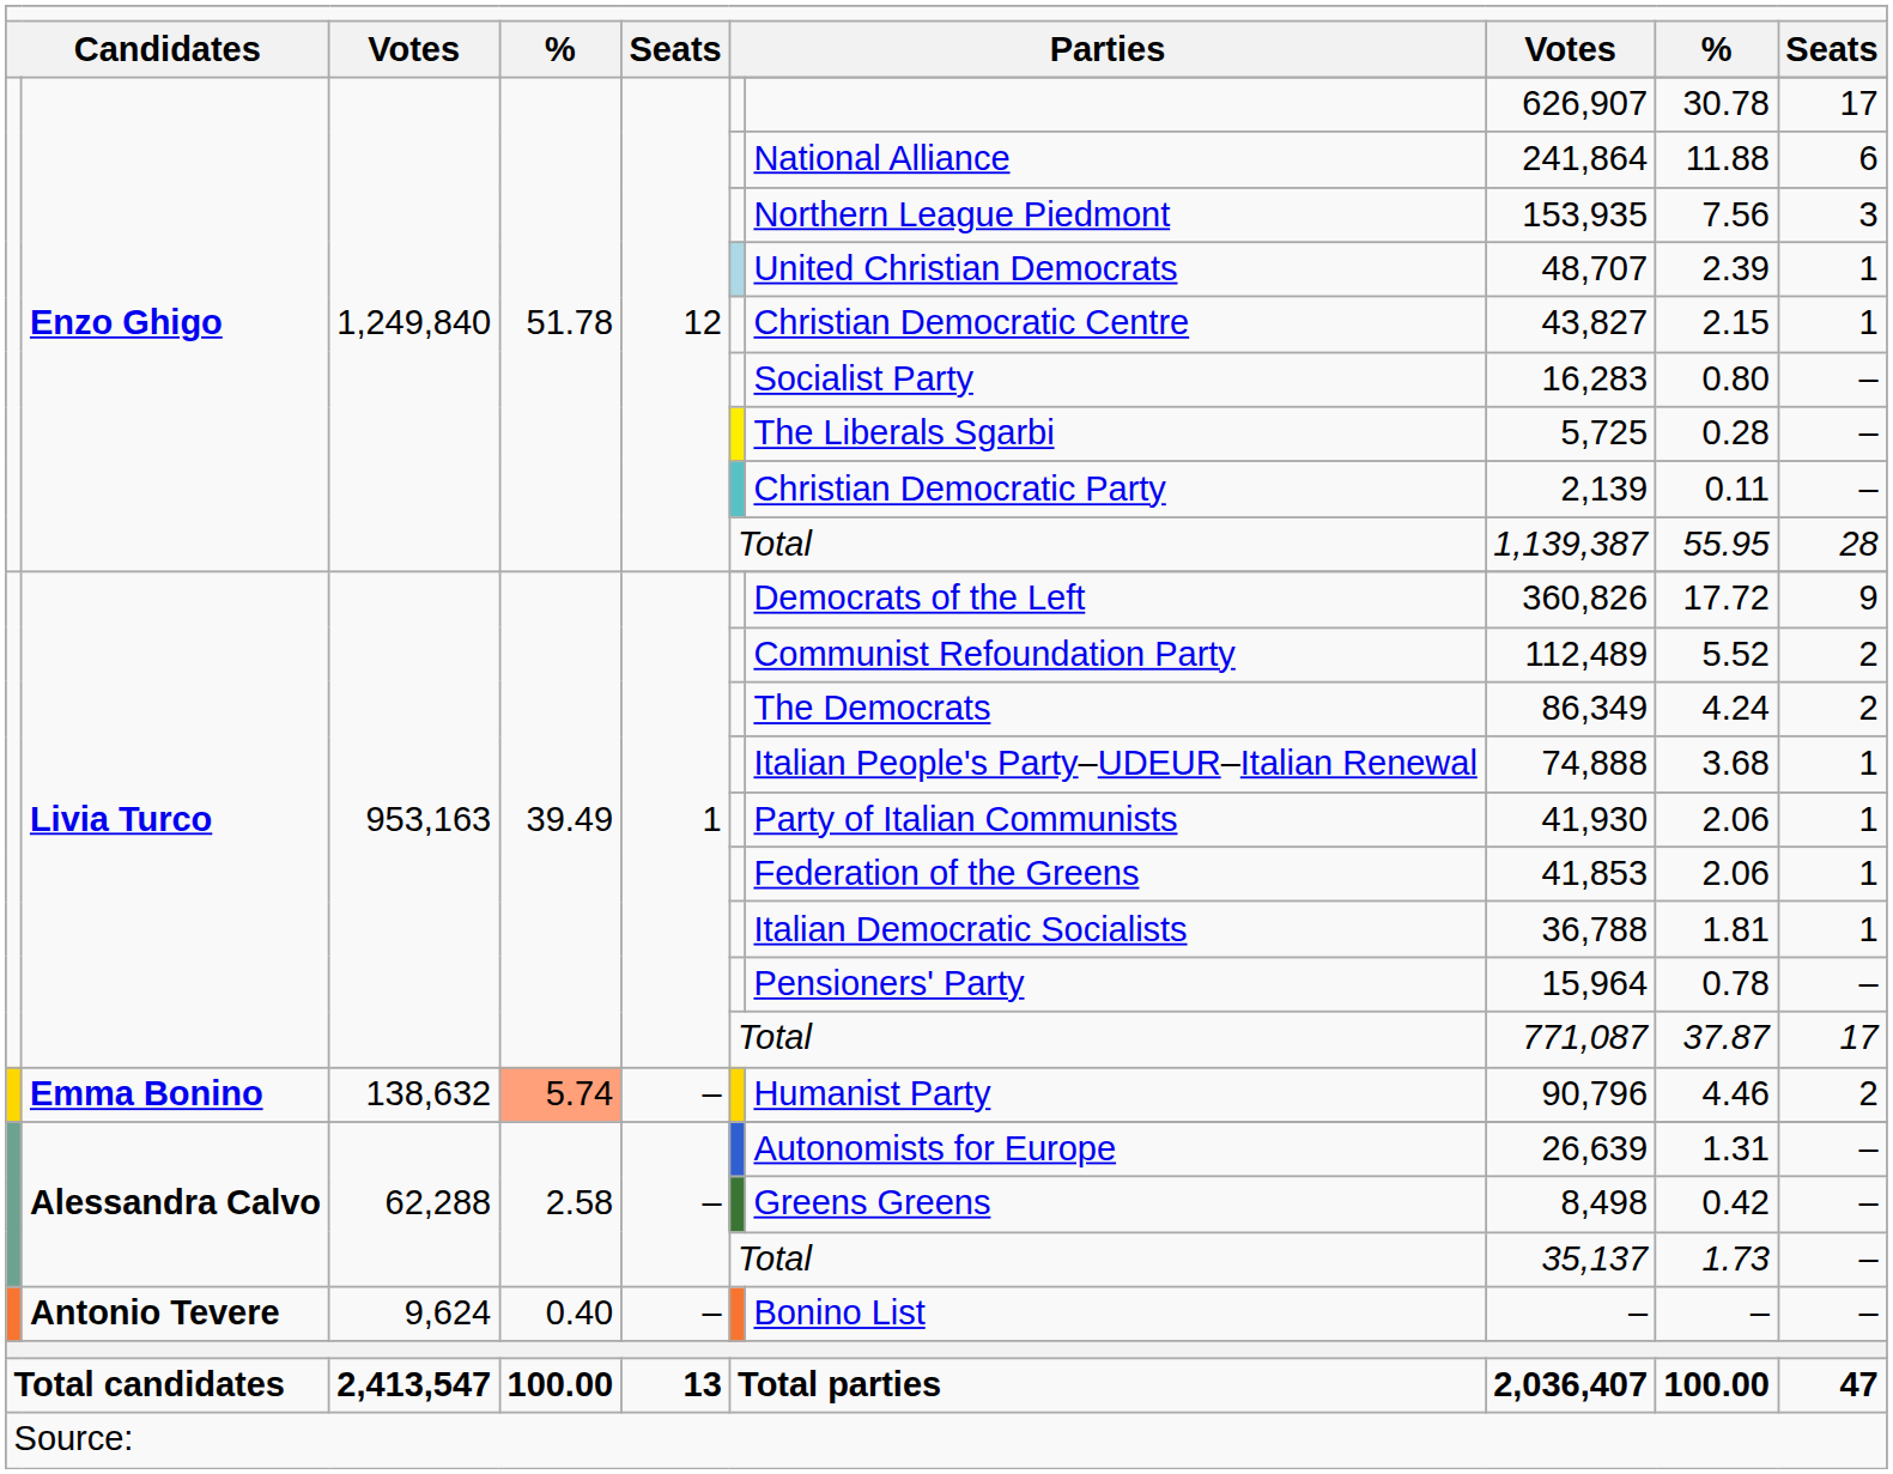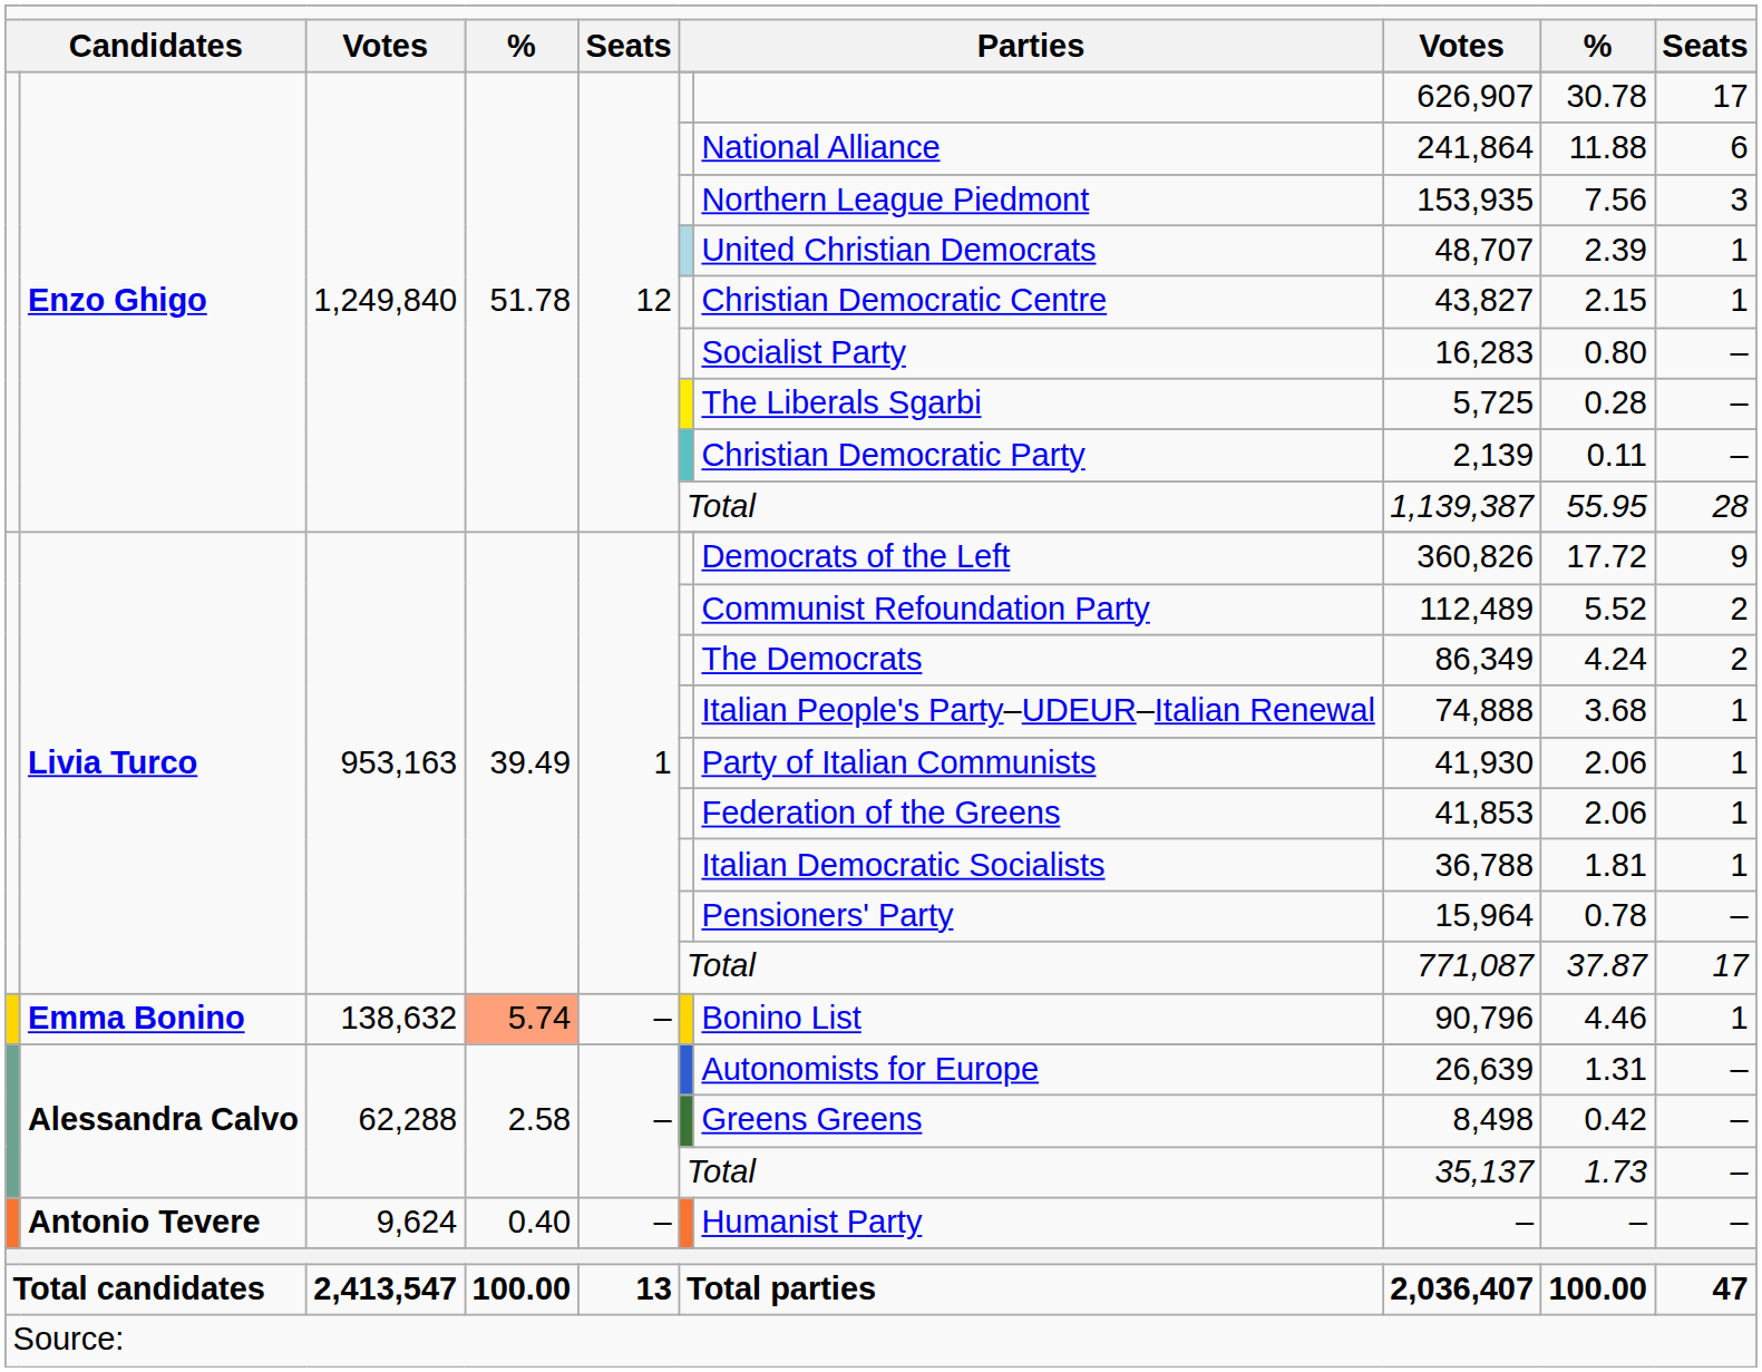 <table class="wikitable">
 <tr>
 <td colspan=10></td>
 </tr>
 <tr>
 <th colspan=2>Candidates</th>
 <th>Votes</th>
 <th>%</th>
 <th>Seats</th>
 <th colspan=2>Parties</th>
 <th>Votes</th>
 <th>%</th>
 <th>Seats</th>
 </tr>
 <tr>
 <td rowspan=10></td>
 <td rowspan=10><strong><a href='#'>Enzo Ghigo</a></strong></td>
 <td rowspan=10 align=right>1,249,840</td>
 <td rowspan=10 align=right>51.78</td>
 <td rowspan=10 align=right>12</td>
 </tr>
 <tr>
 <td></td>
 <td></td>
 <td align=right>626,907</td>
 <td align=right>30.78</td>
 <td align=right>17</td>
 </tr>
 <tr>
 <td></td>
 <td><a href='#'>National Alliance</a></td>
 <td align=right>241,864</td>
 <td align=right>11.88</td>
 <td align=right>6</td>
 </tr>
 <tr>
 <td></td>
 <td><a href='#'>Northern League Piedmont</a></td>
 <td align=right>153,935</td>
 <td align=right>7.56</td>
 <td align=right>3</td>
 </tr>
 <tr>
 <td bgcolor="lightblue"></td>
 <td><a href='#'>United Christian Democrats</a></td>
 <td align=right>48,707</td>
 <td align=right>2.39</td>
 <td align=right>1</td>
 </tr>
 <tr>
 <td></td>
 <td><a href='#'>Christian Democratic Centre</a></td>
 <td align=right>43,827</td>
 <td align=right>2.15</td>
 <td align=right>1</td>
 </tr>
 <tr>
 <td></td>
 <td><a href='#'>Socialist Party</a></td>
 <td align=right>16,283</td>
 <td align=right>0.80</td>
 <td align=right>–</td>
 </tr>
 <tr>
 <td bgcolor="#FDEE00"></td>
 <td><a href='#'>The Liberals Sgarbi</a></td>
 <td align=right>5,725</td>
 <td align=right>0.28</td>
 <td align=right>–</td>
 </tr>
 <tr>
 <td bgcolor="#58C1C4"></td>
 <td><a href='#'>Christian Democratic Party</a></td>
 <td align=right>2,139</td>
 <td align=right>0.11</td>
 <td align=right>–</td>
 </tr>
 <tr>
 <td colspan=2><em>Total</em></td>
 <td align=right><em>1,139,387</em></td>
 <td align=right><em>55.95</em></td>
 <td align=right><em>28</em></td>
 </tr>
 <tr>
 <td rowspan=10></td>
 <td rowspan=10><strong><a href='#'>Livia Turco</a></strong></td>
 <td rowspan=10 align=right>953,163</td>
 <td rowspan=10 align=right>39.49</td>
 <td rowspan=10 align=right>1</td>
 </tr>
 <tr>
 <td></td>
 <td><a href='#'>Democrats of the Left</a></td>
 <td align=right>360,826</td>
 <td align=right>17.72</td>
 <td align=right>9</td>
 </tr>
 <tr>
 <td></td>
 <td><a href='#'>Communist Refoundation Party</a></td>
 <td align=right>112,489</td>
 <td align=right>5.52</td>
 <td align=right>2</td>
 </tr>
 <tr>
 <td></td>
 <td><a href='#'>The Democrats</a></td>
 <td align=right>86,349</td>
 <td align=right>4.24</td>
 <td align=right>2</td>
 </tr>
 <tr>
 <td></td>
 <td><a href='#'>Italian People's Party</a>–<a href='#'>UDEUR</a>–<a href='#'>Italian Renewal</a></td>
 <td align=right>74,888</td>
 <td align=right>3.68</td>
 <td align=right>1</td>
 </tr>
 <tr>
 <td></td>
 <td><a href='#'>Party of Italian Communists</a></td>
 <td align=right>41,930</td>
 <td align=right>2.06</td>
 <td align=right>1</td>
 </tr>
 <tr>
 <td></td>
 <td><a href='#'>Federation of the Greens</a></td>
 <td align=right>41,853</td>
 <td align=right>2.06</td>
 <td align=right>1</td>
 </tr>
 <tr>
 <td></td>
 <td><a href='#'>Italian Democratic Socialists</a></td>
 <td align=right>36,788</td>
 <td align=right>1.81</td>
 <td align=right>1</td>
 </tr>
 <tr>
 <td></td>
 <td><a href='#'>Pensioners' Party</a></td>
 <td align=right>15,964</td>
 <td align=right>0.78</td>
 <td align=right>–</td>
 </tr>
 <tr>
 <td colspan=2><em>Total</em></td>
 <td align=right><em>771,087</em></td>
 <td align=right><em>37.87</em></td>
 <td align=right><em>17</em></td>
 </tr>
 <tr>
 <td bgcolor="gold"></td>
 <td><strong><a href='#'>Emma Bonino</a></strong></td>
 <td align=right>138,632</td>
 <td align=right style="background: lightsalmon;">5.74</td>
 <td align=right>–</td>
 <td bgcolor="gold"></td>
-<td><a href='#'>Humanist Party</a></td>
+<td><a href='#'>Bonino List</a></td>
 <td align=right>90,796</td>
 <td align=right>4.46</td>
-<td align=right>2</td>
+<td align=right>1</td>
 </tr>
 <tr>
 <td rowspan=4 bgcolor="#6CA390"></td>
 <td rowspan=4><strong>Alessandra Calvo</strong></td>
 <td rowspan=4 align=right>62,288</td>
 <td rowspan=4 align=right>2.58</td>
 <td rowspan=4 align=right>–</td>
 </tr>
 <tr>
 <td bgcolor="#2F5ED1"></td>
 <td><a href='#'>Autonomists for Europe</a></td>
 <td align=right>26,639</td>
 <td align=right>1.31</td>
 <td align=right>–</td>
 </tr>
 <tr>
 <td bgcolor="#3A7535"></td>
 <td><a href='#'>Greens Greens</a></td>
 <td align=right>8,498</td>
 <td align=right>0.42</td>
 <td align=right>–</td>
 </tr>
 <tr>
 <td colspan=2><em>Total</em></td>
 <td align=right><em>35,137</em></td>
 <td align=right><em>1.73</em></td>
 <td align=right><em>–</em></td>
 </tr>
 <tr>
 <td bgcolor="#F87431"></td>
 <td><strong>Antonio Tevere</strong></td>
 <td align=right>9,624</td>
 <td align=right>0.40</td>
 <td align=right>–</td>
 <td bgcolor="#F87431"></td>
-<td><a href='#'>Bonino List</a></td>
+<td><a href='#'>Humanist Party</a></td>
 <td align=right>–</td>
 <td align=right>–</td>
 <td align=right>–</td>
 </tr>
 <tr>
 <th colspan=10></th>
 </tr>
 <tr>
 <td colspan=2><strong>Total candidates</strong></td>
 <td align=right><strong>2,413,547</strong></td>
 <td align=right><strong>100.00</strong></td>
 <td align=right><strong>13</strong></td>
 <td colspan=2><strong>Total parties</strong></td>
 <td align=right><strong>2,036,407</strong></td>
 <td align=right><strong>100.00</strong></td>
 <td align=right><strong>47</strong></td>
 </tr>
 <tr>
 <td colspan=10>Source: </td>
 </tr>
 </table>
